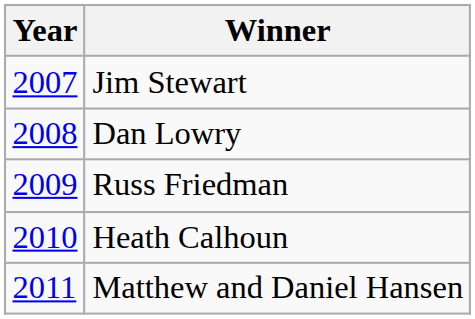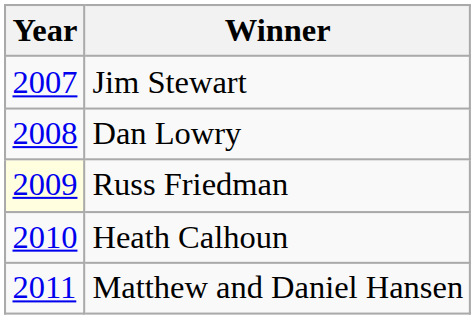 <table class="wikitable">
 <tr>
 <th>Year</th>
 <th>Winner</th>
 </tr>
 <tr>
 <td><a href='#'>2007</a></td>
 <td>Jim Stewart</td>
 </tr>
 <tr>
 <td><a href='#'>2008</a></td>
 <td>Dan Lowry</td>
 </tr>
 <tr>
-<td><a href='#'>2009</a></td>
+<td style="background: lightyellow;"><a href='#'>2009</a></td>
 <td>Russ Friedman</td>
 </tr>
 <tr>
 <td><a href='#'>2010</a></td>
 <td>Heath Calhoun</td>
 </tr>
 <tr>
 <td><a href='#'>2011</a></td>
 <td>Matthew and Daniel Hansen</td>
 </tr>
 </table>
